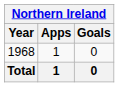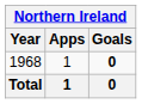 <table class="wikitable" style="text-align:center">
 <tr>
 <th colspan=3><a href='#'>Northern Ireland</a></th>
 </tr>
 <tr>
 <th>Year</th>
 <th>Apps</th>
 <th>Goals</th>
 </tr>
 <tr>
 <td>1968</td>
 <td>1</td>
-<td>0</td>
+<td><strong>0</strong></td>
 </tr>
 <tr>
 <th>Total</th>
 <th>1</th>
 <th>0</th>
 </tr>
 </table>
